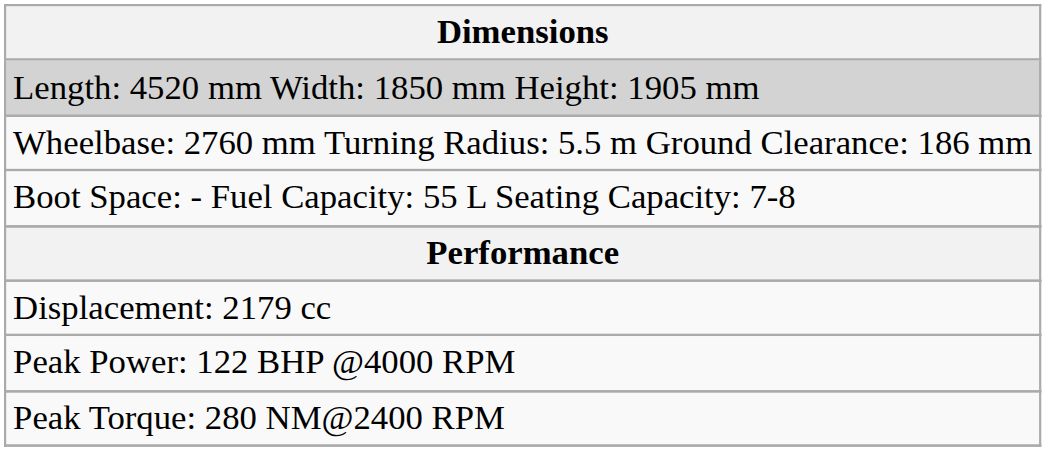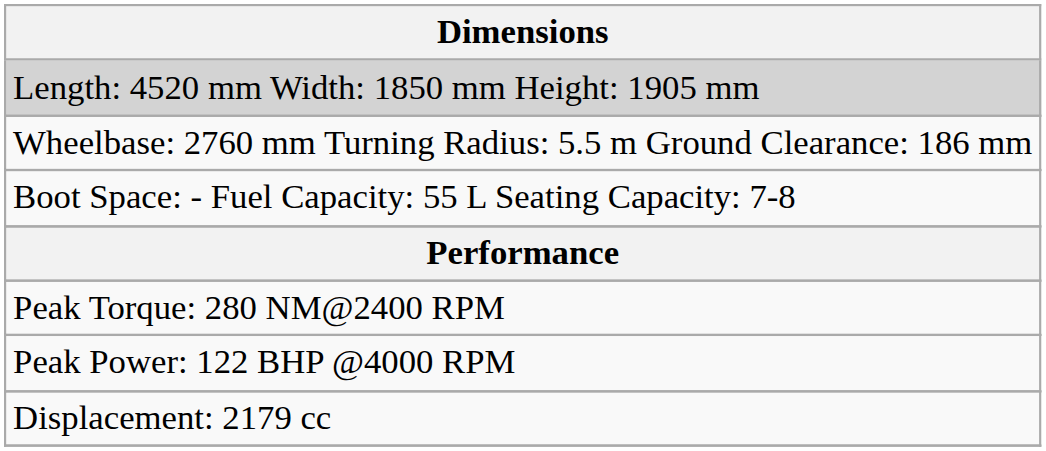 <table class="wikitable">
 <tr>
 <th>Dimensions</th>
 </tr>
 <tr --->
 <td style="background: lightgrey;">Length: 4520 mm Width: 1850 mm Height: 1905 mm</td>
 </tr>
 <tr --->
 </tr>
 <tr --->
 <td>Wheelbase: 2760 mm Turning Radius: 5.5 m Ground Clearance: 186 mm</td>
 </tr>
 <tr --->
 </tr>
 <tr --->
 <td>Boot Space: - Fuel Capacity: 55 L Seating Capacity: 7-8</td>
 </tr>
 <tr --->
 </tr>
 <tr --->
 <th>Performance</th>
 </tr>
 <tr --->
 </tr>
 <tr --->
-<td>Displacement: 2179 cc</td>
+<td>Peak Torque: 280 NM@2400 RPM</td>
 </tr>
 <tr --->
 </tr>
 <tr --->
 <td>Peak Power: 122 BHP @4000 RPM</td>
 </tr>
 <tr --->
 </tr>
 <tr --->
-<td>Peak Torque: 280 NM@2400 RPM</td>
+<td>Displacement: 2179 cc</td>
 </tr>
 <tr --->
 </tr>
 <tr --->
 </tr>
 </table>
